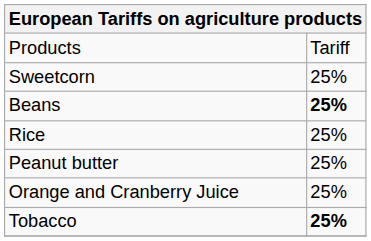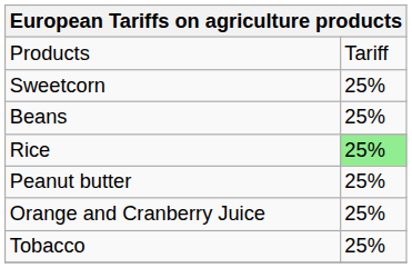 <table class="wikitable">
 <tr>
 <th colspan="4">European Tariffs on agriculture products</th>
 </tr>
 <tr>
 <td>Products</td>
 <td>Tariff</td>
 </tr>
 <tr>
 <td>Sweetcorn</td>
 <td>25%</td>
 </tr>
 <tr>
 <td>Beans</td>
-<td><strong>25%</strong></td>
+<td>25%</td>
 </tr>
 <tr>
 <td>Rice</td>
-<td>25%</td>
+<td style="background: lightgreen;">25%</td>
 </tr>
 <tr>
 <td>Peanut butter</td>
 <td>25%</td>
 </tr>
 <tr>
 <td>Orange and Cranberry Juice</td>
 <td>25%</td>
 </tr>
 <tr>
 <td>Tobacco</td>
-<td><strong>25%</strong></td>
+<td>25%</td>
 </tr>
 <tr>
 </tr>
 </table>
